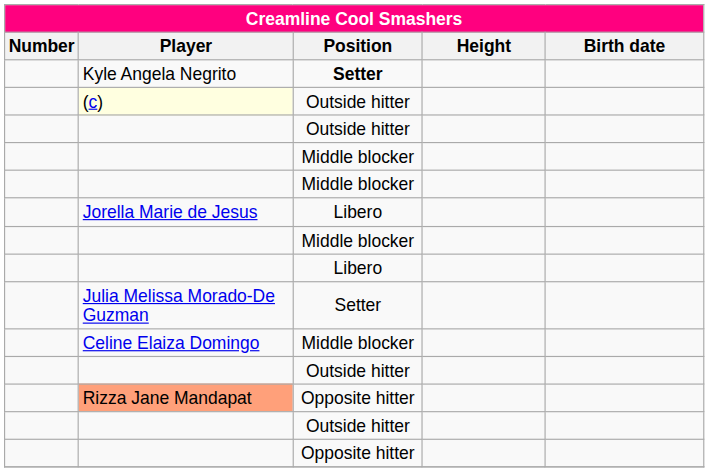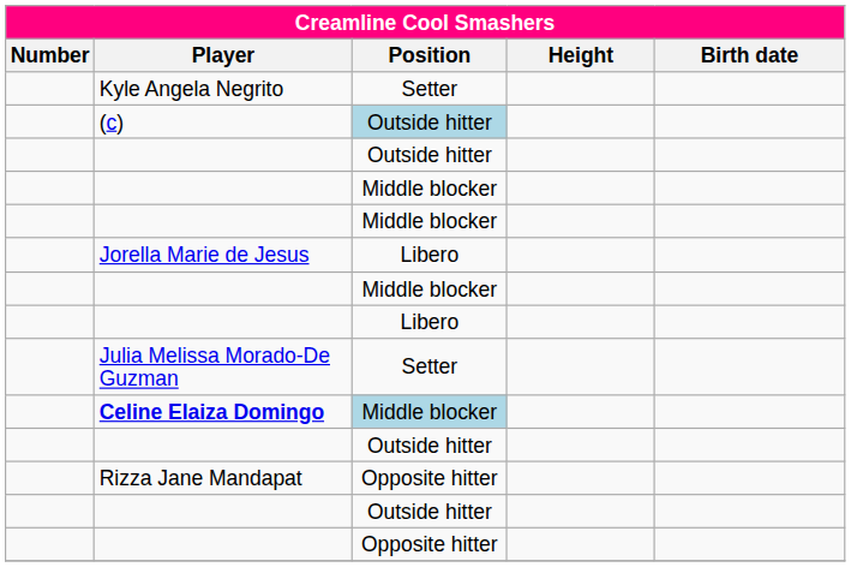 <table class="wikitable sortable" style="font-size:95%; text-align:left;">
 <tr>
 <th colspan="6" style= "background:#FF007F; color:white; text-align: center"><strong>Creamline Cool Smashers</strong></th>
 </tr>
 <tr style="background:#FFFFFF;">
 <th style= "align=center; width:1em;">Number</th>
 <th style= "align=center;width:17em;">Player</th>
 <th style= "align=center; width:9em;">Position</th>
 <th style= "align=center; width:9em;">Height</th>
 <th style= "align=center; width:13em;">Birth date</th>
 </tr>
 <tr align=center>
 <td></td>
 <td align=left>Kyle Angela Negrito</td>
-<td><strong>Setter</strong></td>
+<td>Setter</td>
 <td></td>
 <td align=right></td>
 </tr>
 <tr align=center>
 <td></td>
-<td align=left style="background: lightyellow;"> (<a href='#'>c</a>)</td>
-<td>Outside hitter</td>
+<td align=left> (<a href='#'>c</a>)</td>
+<td style="background: lightblue;">Outside hitter</td>
 <td></td>
 <td align=right></td>
 </tr>
 <tr align=center>
 <td></td>
 <td align=left></td>
 <td>Outside hitter</td>
 <td></td>
 <td align=right></td>
 </tr>
 <tr align=center>
 <td></td>
 <td align=left></td>
 <td>Middle blocker</td>
 <td></td>
 <td align=right></td>
 </tr>
 <tr align=center>
 <td></td>
 <td align=left></td>
 <td>Middle blocker</td>
 <td></td>
 <td align=right></td>
 </tr>
 <tr align=center>
 <td></td>
 <td align=left><a href='#'>Jorella Marie de Jesus</a></td>
 <td>Libero</td>
 <td></td>
 <td align=right></td>
 </tr>
 <tr align=center>
 <td></td>
 <td align=left></td>
 <td>Middle blocker</td>
 <td></td>
 <td align=right></td>
 </tr>
 <tr align=center>
 <td></td>
 <td align=left></td>
 <td>Libero</td>
 <td></td>
 <td align=right></td>
 </tr>
 <tr align=center>
 <td></td>
 <td align=left><a href='#'>Julia Melissa Morado-De Guzman</a></td>
 <td>Setter</td>
 <td></td>
 <td align=right></td>
 </tr>
 <tr align=center>
 <td></td>
-<td align=left><a href='#'>Celine Elaiza Domingo</a></td>
-<td>Middle blocker</td>
+<td align=left><strong><a href='#'>Celine Elaiza Domingo</a></strong></td>
+<td style="background: lightblue;">Middle blocker</td>
 <td></td>
 <td align=right></td>
 </tr>
 <tr align=center>
 <td></td>
 <td align=left></td>
 <td>Outside hitter</td>
 <td></td>
 <td align=right></td>
 </tr>
 <tr align=center>
 <td></td>
-<td align=left style="background: lightsalmon;">Rizza Jane Mandapat</td>
+<td align=left>Rizza Jane Mandapat</td>
 <td>Opposite hitter</td>
 <td></td>
 <td align=right></td>
 </tr>
 <tr align=center>
 <td></td>
 <td align=left></td>
 <td>Outside hitter</td>
 <td></td>
 <td align=right></td>
 </tr>
 <tr align=center>
 <td></td>
 <td align=left></td>
 <td>Opposite hitter</td>
 <td></td>
 <td align=right></td>
 </tr>
 <tr align=center>
 </tr>
 </table>
